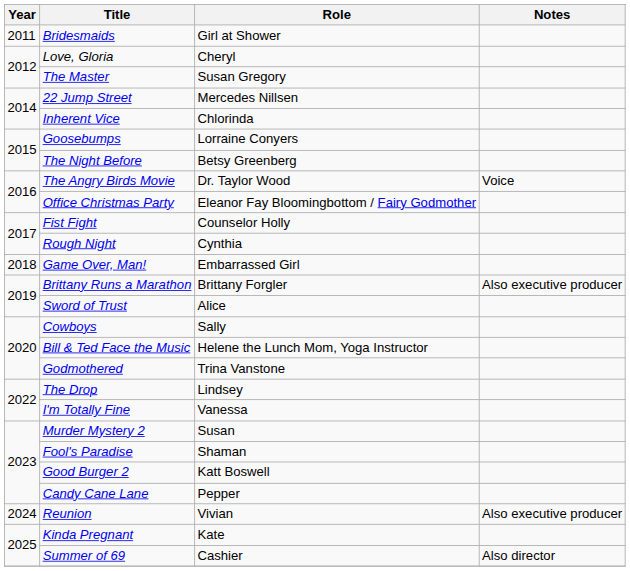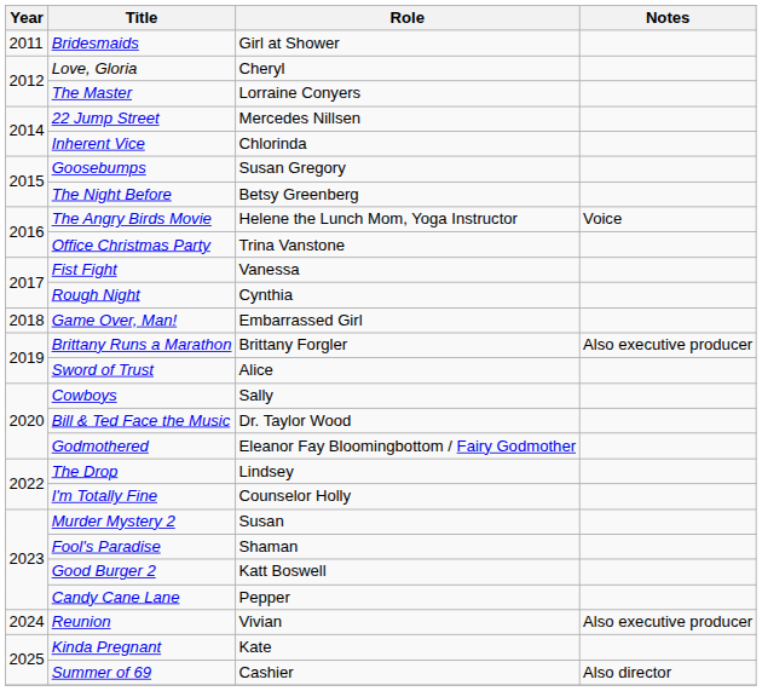 <table class = "wikitable sortable">
 <tr>
 <th>Year</th>
 <th>Title</th>
 <th>Role</th>
 <th class = "unsortable">Notes</th>
 </tr>
 <tr>
 <td>2011</td>
 <td><em><a href='#'>Bridesmaids</a></em></td>
 <td>Girl at Shower</td>
 <td></td>
 </tr>
 <tr>
 <td rowspan="2">2012</td>
 <td><em>Love, Gloria</em></td>
 <td>Cheryl</td>
 <td></td>
 </tr>
 <tr>
 <td><em><a href='#'>The Master</a></em></td>
-<td>Susan Gregory</td>
+<td>Lorraine Conyers</td>
 <td></td>
 </tr>
 <tr>
 <td rowspan="2">2014</td>
 <td><em><a href='#'>22 Jump Street</a></em></td>
 <td>Mercedes Nillsen</td>
 <td></td>
 </tr>
 <tr>
 <td><em><a href='#'>Inherent Vice</a></em></td>
 <td>Chlorinda</td>
 <td></td>
 </tr>
 <tr>
 <td rowspan="2">2015</td>
 <td><em><a href='#'>Goosebumps</a></em></td>
-<td>Lorraine Conyers</td>
+<td>Susan Gregory</td>
 <td></td>
 </tr>
 <tr>
 <td><em><a href='#'>The Night Before</a></em></td>
 <td>Betsy Greenberg</td>
 <td></td>
 </tr>
 <tr>
 <td rowspan="2">2016</td>
 <td><em><a href='#'>The Angry Birds Movie</a></em></td>
-<td>Dr. Taylor Wood</td>
+<td>Helene the Lunch Mom, Yoga Instructor</td>
 <td>Voice</td>
 </tr>
 <tr>
 <td><em><a href='#'>Office Christmas Party</a></em></td>
-<td>Eleanor Fay Bloomingbottom / <a href='#'>Fairy Godmother</a></td>
+<td>Trina Vanstone</td>
 <td></td>
 </tr>
 <tr>
 <td rowspan="2">2017</td>
 <td><em><a href='#'>Fist Fight</a></em></td>
-<td>Counselor Holly</td>
+<td>Vanessa</td>
 <td></td>
 </tr>
 <tr>
 <td><em><a href='#'>Rough Night</a></em></td>
 <td>Cynthia</td>
 <td></td>
 </tr>
 <tr>
 <td>2018</td>
 <td><em><a href='#'>Game Over, Man!</a></em></td>
 <td>Embarrassed Girl</td>
 <td></td>
 </tr>
 <tr>
 <td rowspan="2">2019</td>
 <td><em><a href='#'>Brittany Runs a Marathon</a></em></td>
 <td>Brittany Forgler</td>
 <td>Also executive producer</td>
 </tr>
 <tr>
 <td><em><a href='#'>Sword of Trust</a></em></td>
 <td>Alice</td>
 <td></td>
 </tr>
 <tr>
 <td rowspan="3">2020</td>
 <td><em><a href='#'>Cowboys</a></em></td>
 <td>Sally</td>
 <td></td>
 </tr>
 <tr>
 <td><em><a href='#'>Bill & Ted Face the Music</a></em></td>
-<td>Helene the Lunch Mom, Yoga Instructor</td>
+<td>Dr. Taylor Wood</td>
 <td></td>
 </tr>
 <tr>
 <td><em><a href='#'>Godmothered</a></em></td>
-<td>Trina Vanstone</td>
+<td>Eleanor Fay Bloomingbottom / <a href='#'>Fairy Godmother</a></td>
 <td></td>
 </tr>
 <tr>
 <td rowspan="2">2022</td>
 <td><em><a href='#'>The Drop</a></em></td>
 <td>Lindsey</td>
 <td></td>
 </tr>
 <tr>
 <td><em><a href='#'>I'm Totally Fine</a></em></td>
-<td>Vanessa</td>
+<td>Counselor Holly</td>
 <td></td>
 </tr>
 <tr>
 <td rowspan="4">2023</td>
 <td><em><a href='#'>Murder Mystery 2</a></em></td>
 <td>Susan</td>
 <td></td>
 </tr>
 <tr>
 <td><em><a href='#'>Fool's Paradise</a></em></td>
 <td>Shaman</td>
 <td></td>
 </tr>
 <tr>
 <td><em><a href='#'>Good Burger 2</a></em></td>
 <td>Katt Boswell</td>
 <td></td>
 </tr>
 <tr>
 <td><em><a href='#'>Candy Cane Lane</a></em></td>
 <td>Pepper</td>
 <td></td>
 </tr>
 <tr>
 <td>2024</td>
 <td><em><a href='#'>Reunion</a></em></td>
 <td>Vivian</td>
 <td>Also executive producer</td>
 </tr>
 <tr>
 <td rowspan="2">2025</td>
 <td><em><a href='#'>Kinda Pregnant</a></em></td>
 <td>Kate</td>
 <td></td>
 </tr>
 <tr>
 <td><em><a href='#'>Summer of 69</a></em></td>
 <td>Cashier</td>
 <td>Also director</td>
 </tr>
 <tr>
 </tr>
 </table>
